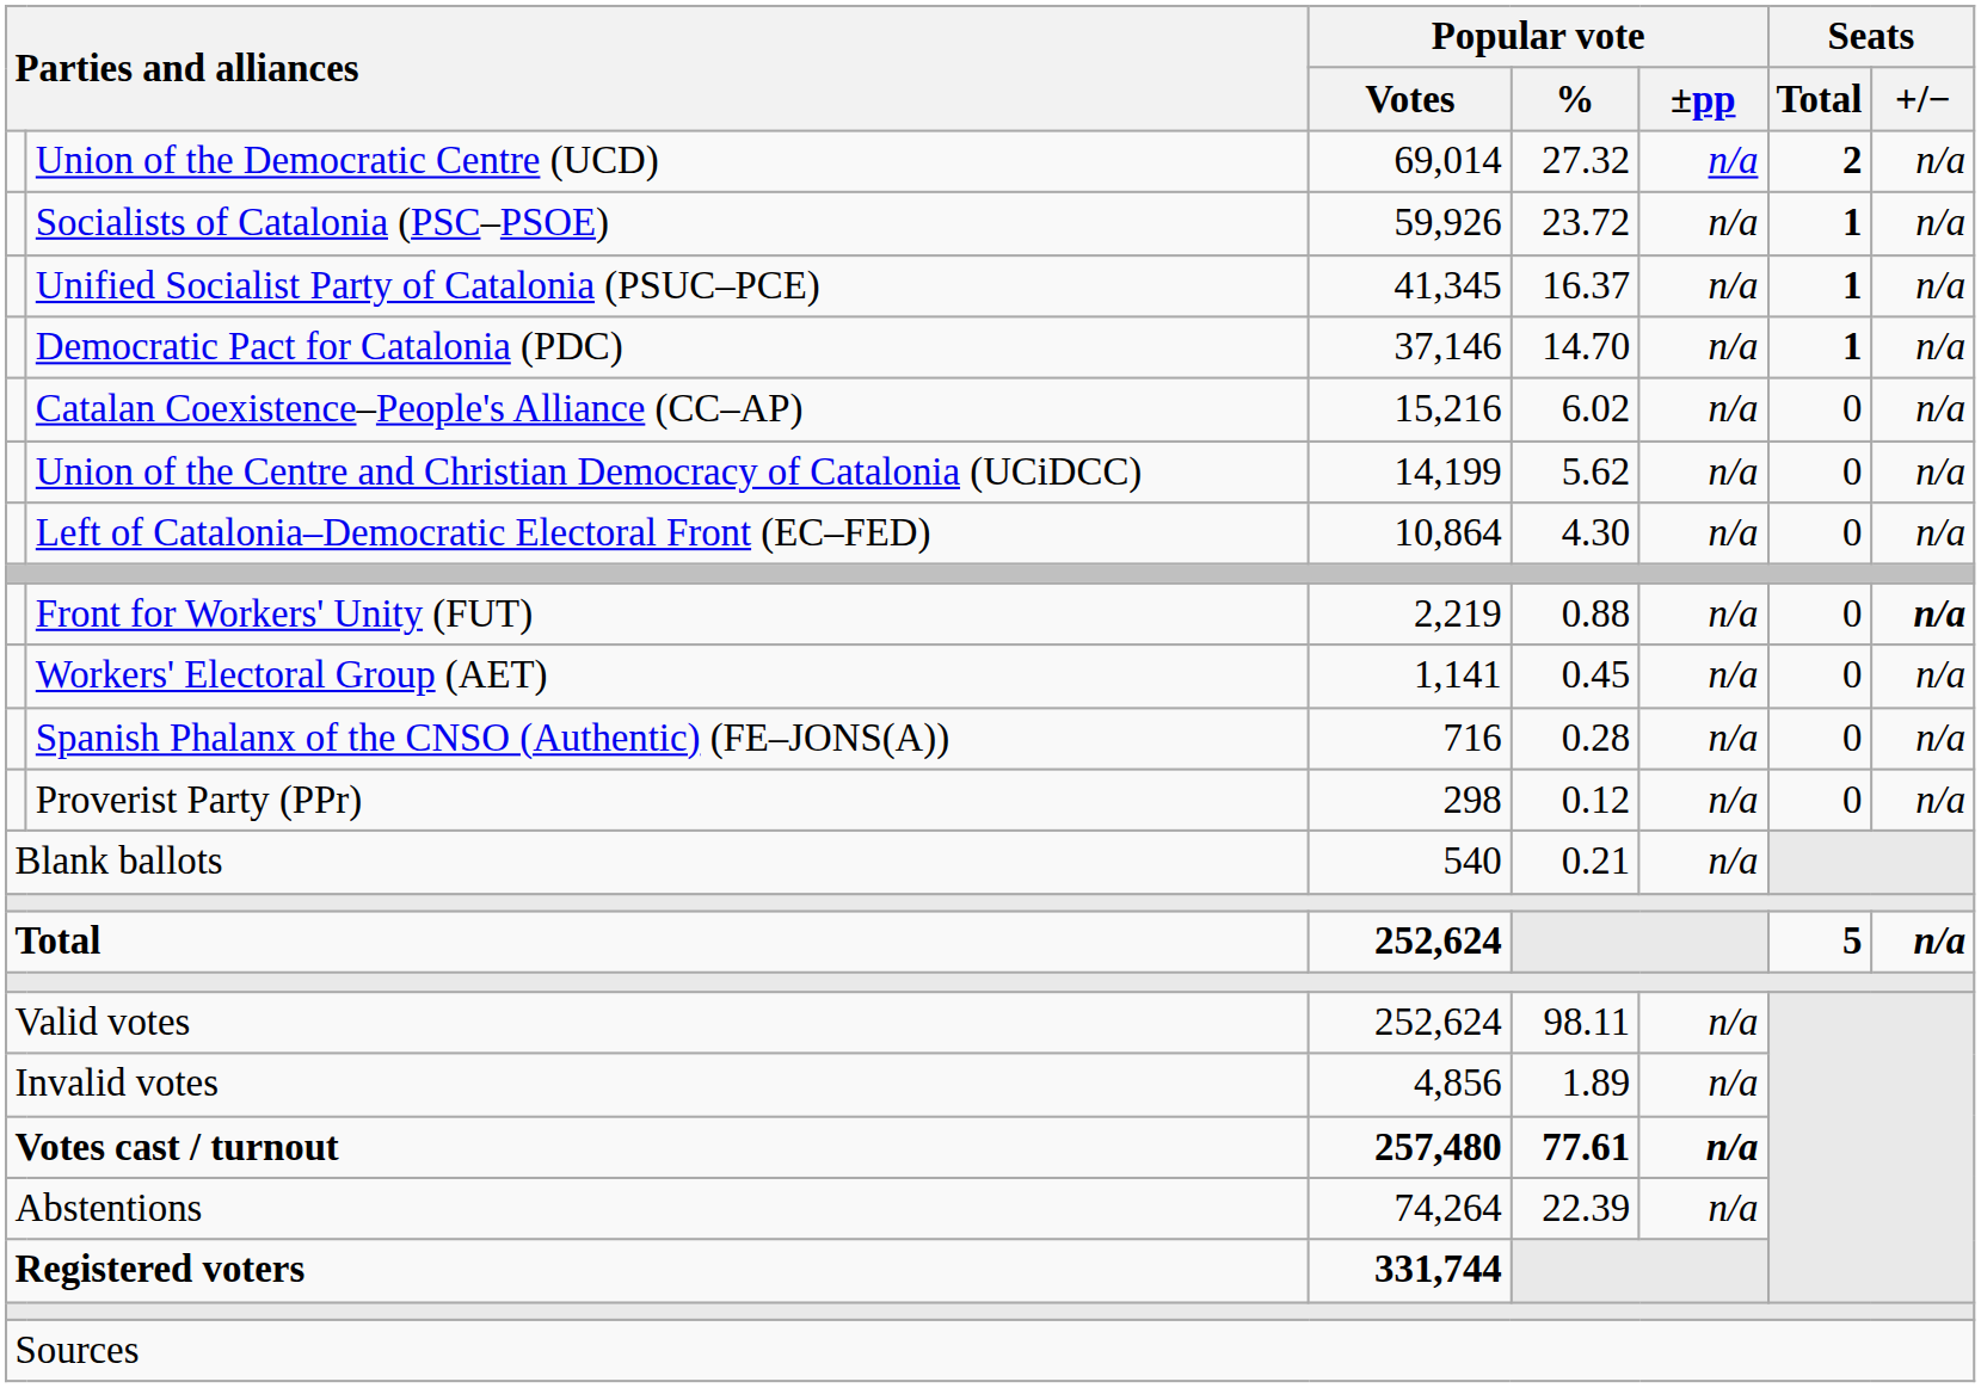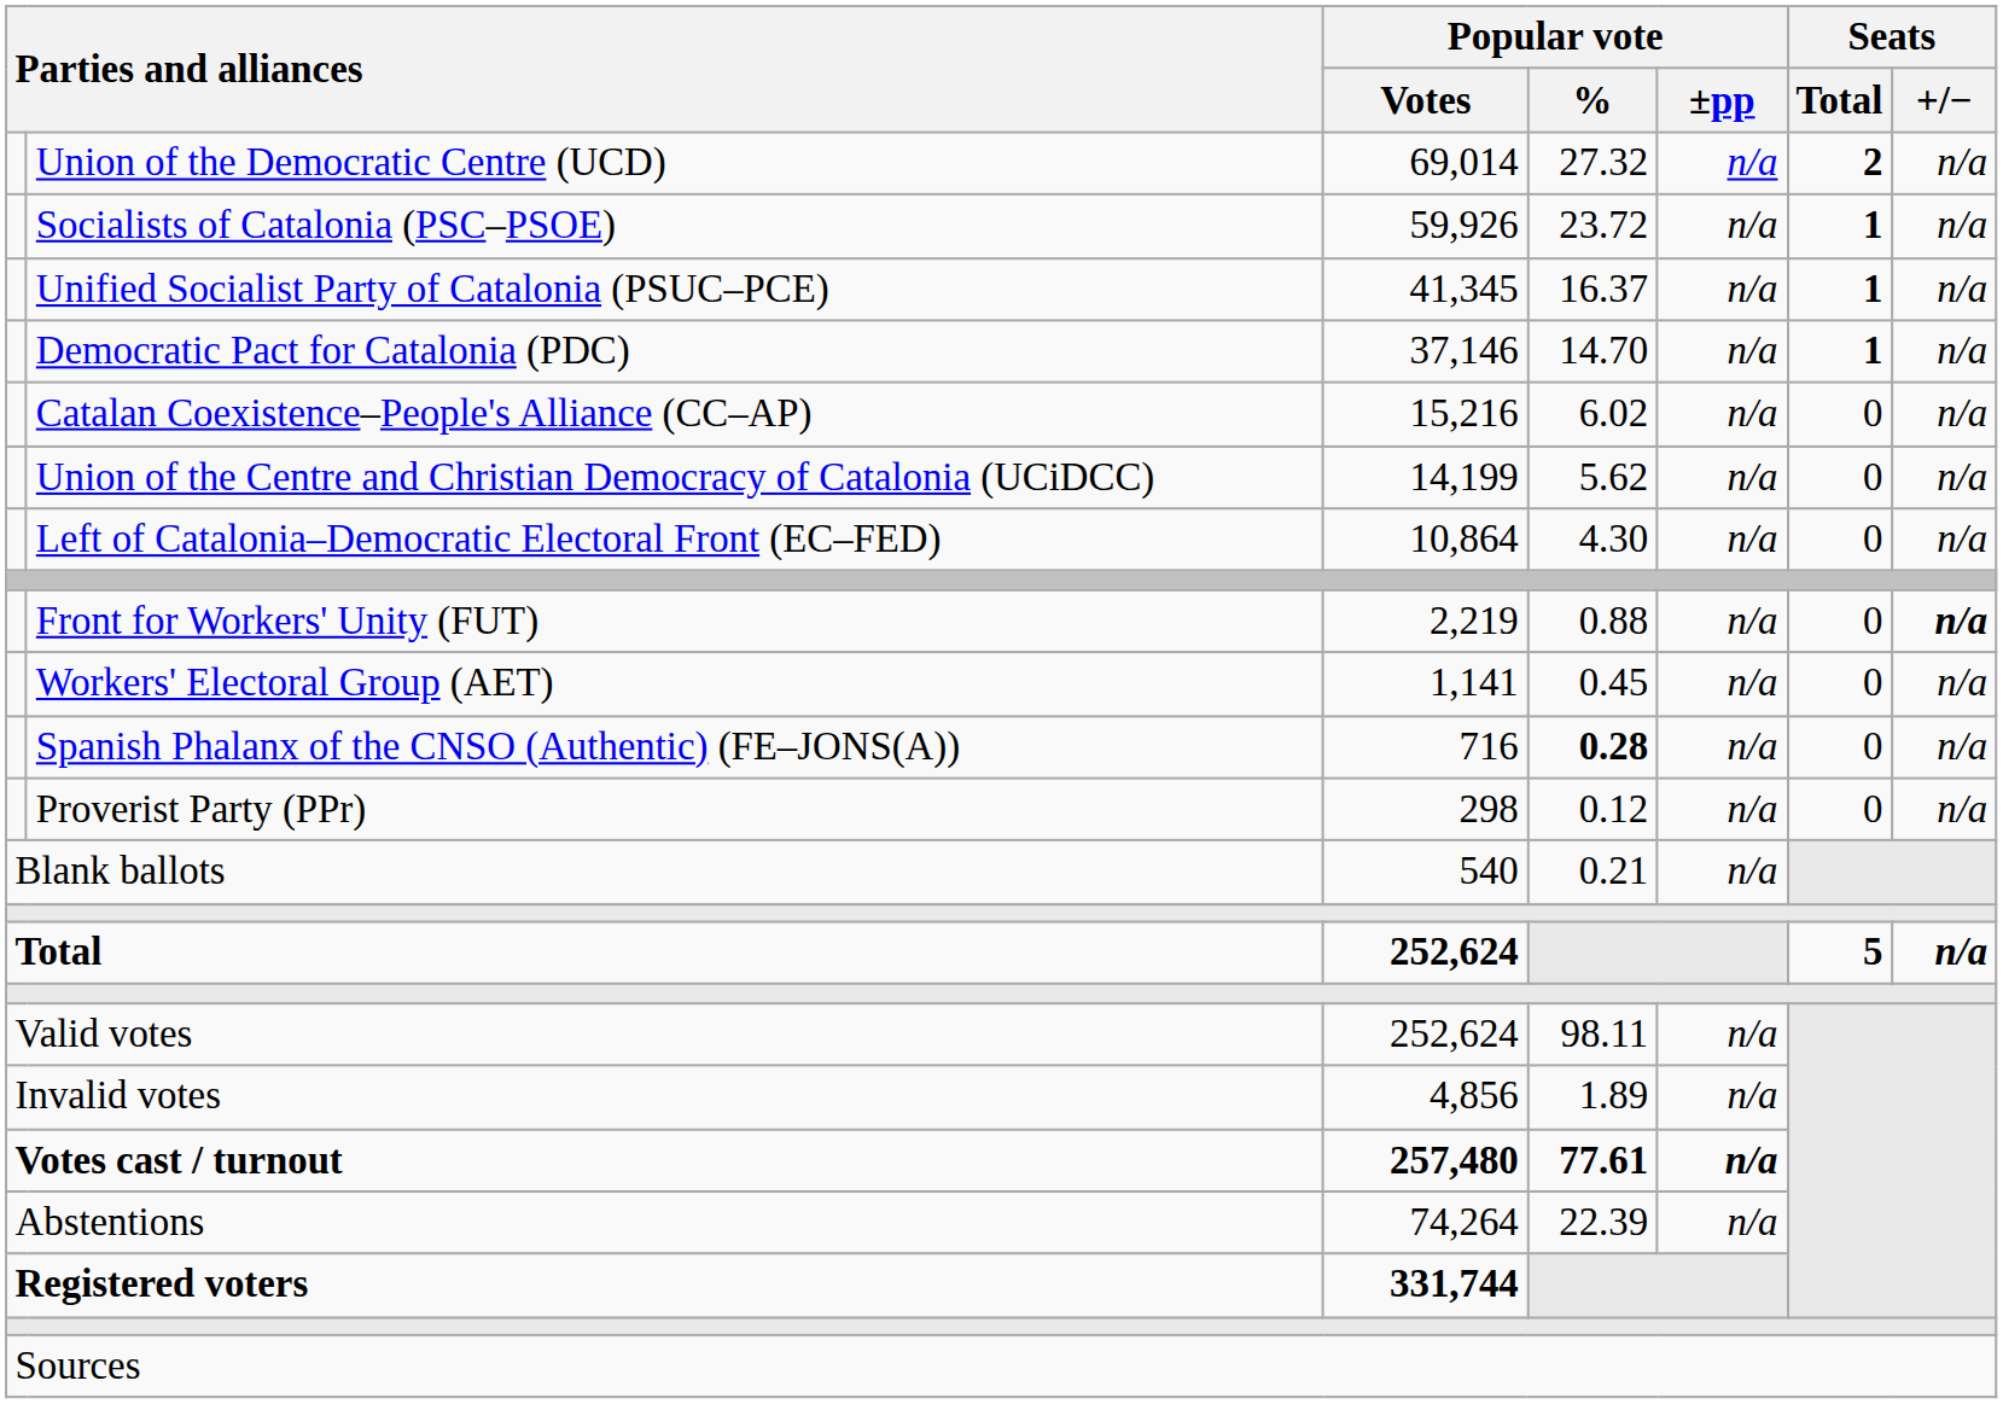 <table class="wikitable" style="text-align:right;">
 <tr>
 <th style="text-align:left;" rowspan="2" colspan="2" width="525">Parties and alliances</th>
 <th colspan="3">Popular vote</th>
 <th colspan="2">Seats</th>
 </tr>
 <tr>
 <th width="75">Votes</th>
 <th width="45">%</th>
 <th width="45">±<a href='#'>pp</a></th>
 <th width="35">Total</th>
 <th width="35">+/−</th>
 </tr>
 <tr>
 <td style="color:inherit;background:"></td>
 <td align="left"><a href='#'>Union of the Democratic Centre</a> (UCD)</td>
 <td>69,014</td>
 <td>27.32</td>
 <td><em><a href='#'>n/a</a></em></td>
 <td><strong>2</strong></td>
 <td><em>n/a</em></td>
 </tr>
 <tr>
 <td style="color:inherit;background:"></td>
 <td align="left"><a href='#'>Socialists of Catalonia</a> (<a href='#'>PSC</a>–<a href='#'>PSOE</a>)</td>
 <td>59,926</td>
 <td>23.72</td>
 <td><em>n/a</em></td>
 <td><strong>1</strong></td>
 <td><em>n/a</em></td>
 </tr>
 <tr>
 <td style="color:inherit;background:"></td>
 <td align="left"><a href='#'>Unified Socialist Party of Catalonia</a> (PSUC–PCE)</td>
 <td>41,345</td>
 <td>16.37</td>
 <td><em>n/a</em></td>
 <td><strong>1</strong></td>
 <td><em>n/a</em></td>
 </tr>
 <tr>
 <td style="color:inherit;background:"></td>
 <td align="left"><a href='#'>Democratic Pact for Catalonia</a> (PDC)</td>
 <td>37,146</td>
 <td>14.70</td>
 <td><em>n/a</em></td>
 <td><strong>1</strong></td>
 <td><em>n/a</em></td>
 </tr>
 <tr>
 <td style="color:inherit;background:"></td>
 <td align="left"><a href='#'>Catalan Coexistence</a>–<a href='#'>People's Alliance</a> (CC–AP)</td>
 <td>15,216</td>
 <td>6.02</td>
 <td><em>n/a</em></td>
 <td>0</td>
 <td><em>n/a</em></td>
 </tr>
 <tr>
 <td style="color:inherit;background:"></td>
 <td align="left"><a href='#'>Union of the Centre and Christian Democracy of Catalonia</a> (UCiDCC)</td>
 <td>14,199</td>
 <td>5.62</td>
 <td><em>n/a</em></td>
 <td>0</td>
 <td><em>n/a</em></td>
 </tr>
 <tr>
 <td style="color:inherit;background:"></td>
 <td align="left"><a href='#'>Left of Catalonia–Democratic Electoral Front</a> (EC–FED)</td>
 <td>10,864</td>
 <td>4.30</td>
 <td><em>n/a</em></td>
 <td>0</td>
 <td><em>n/a</em></td>
 </tr>
 <tr>
 <td colspan="7" bgcolor="#C0C0C0"></td>
 </tr>
 <tr>
 <td style="color:inherit;background:"></td>
 <td align="left"><a href='#'>Front for Workers' Unity</a> (FUT)</td>
 <td>2,219</td>
 <td>0.88</td>
 <td><em>n/a</em></td>
 <td>0</td>
 <td><strong><em>n/a</em></strong></td>
 </tr>
 <tr>
 <td style="color:inherit;background:"></td>
 <td align="left"><a href='#'>Workers' Electoral Group</a> (AET)</td>
 <td>1,141</td>
 <td>0.45</td>
 <td><em>n/a</em></td>
 <td>0</td>
 <td><em>n/a</em></td>
 </tr>
 <tr>
 <td style="color:inherit;background:"></td>
 <td align="left"><a href='#'>Spanish Phalanx of the CNSO (Authentic)</a> (FE–JONS(A))</td>
 <td>716</td>
-<td>0.28</td>
+<td><strong>0.28</strong></td>
 <td><em>n/a</em></td>
 <td>0</td>
 <td><em>n/a</em></td>
 </tr>
 <tr>
 <td style="color:inherit;background:"></td>
 <td align="left">Proverist Party (PPr)</td>
 <td>298</td>
 <td>0.12</td>
 <td><em>n/a</em></td>
 <td>0</td>
 <td><em>n/a</em></td>
 </tr>
 <tr>
 <td align="left" colspan="2">Blank ballots</td>
 <td>540</td>
 <td>0.21</td>
 <td><em>n/a</em></td>
 <td bgcolor="#E9E9E9" colspan="2"></td>
 </tr>
 <tr>
 <td colspan="7" bgcolor="#E9E9E9"></td>
 </tr>
 <tr style="font-weight:bold;">
 <td align="left" colspan="2">Total</td>
 <td>252,624</td>
 <td bgcolor="#E9E9E9" colspan="2"></td>
 <td>5</td>
 <td><em>n/a</em></td>
 </tr>
 <tr>
 <td colspan="7" bgcolor="#E9E9E9"></td>
 </tr>
 <tr>
 <td align="left" colspan="2">Valid votes</td>
 <td>252,624</td>
 <td>98.11</td>
 <td><em>n/a</em></td>
 <td bgcolor="#E9E9E9" colspan="2" rowspan="5"></td>
 </tr>
 <tr>
 <td align="left" colspan="2">Invalid votes</td>
 <td>4,856</td>
 <td>1.89</td>
 <td><em>n/a</em></td>
 </tr>
 <tr style="font-weight:bold;">
 <td align="left" colspan="2">Votes cast / turnout</td>
 <td>257,480</td>
 <td>77.61</td>
 <td><em>n/a</em></td>
 </tr>
 <tr>
 <td align="left" colspan="2">Abstentions</td>
 <td>74,264</td>
 <td>22.39</td>
 <td><em>n/a</em></td>
 </tr>
 <tr style="font-weight:bold;">
 <td align="left" colspan="2">Registered voters</td>
 <td>331,744</td>
 <td bgcolor="#E9E9E9" colspan="2"></td>
 </tr>
 <tr>
 <td colspan="7" bgcolor="#E9E9E9"></td>
 </tr>
 <tr>
 <td align="left" colspan="7">Sources</td>
 </tr>
 </table>
